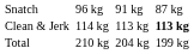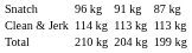 <table>
 <tr>
 <td>Snatch</td>
 <td></td>
 <td>96 kg</td>
 <td></td>
 <td>91 kg</td>
 <td></td>
 <td>87 kg</td>
 </tr>
 <tr>
 <td>Clean & Jerk</td>
 <td></td>
 <td>114 kg</td>
 <td></td>
 <td>113 kg</td>
 <td></td>
-<td><strong>113 kg</strong></td>
+<td>113 kg</td>
 </tr>
 <tr>
 <td>Total</td>
 <td></td>
 <td>210 kg</td>
 <td></td>
 <td>204 kg</td>
 <td></td>
 <td>199 kg</td>
 </tr>
 </table>
